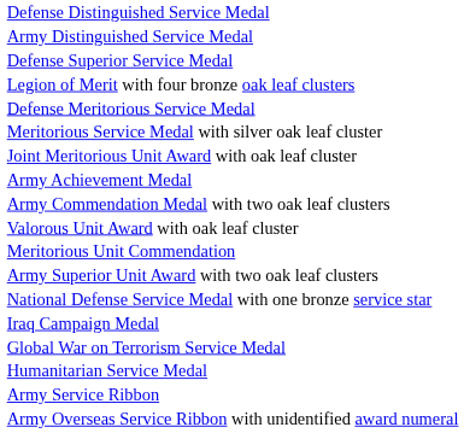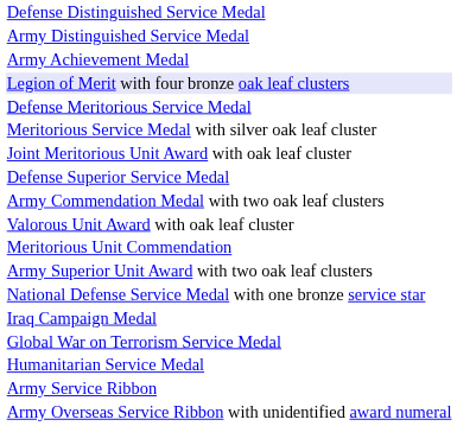 <table>
 <tr>
 <td> <a href='#'>Defense Distinguished Service Medal</a></td>
 </tr>
 <tr>
 <td> <a href='#'>Army Distinguished Service Medal</a></td>
 </tr>
 <tr>
-<td> <a href='#'>Defense Superior Service Medal</a></td>
+<td> <a href='#'>Army Achievement Medal</a></td>
 </tr>
 <tr>
-<td><span></span><span></span><span></span><span></span> <a href='#'>Legion of Merit</a> with four bronze <a href='#'>oak leaf clusters</a></td>
+<td style="background: lavender;"><span></span><span></span><span></span><span></span> <a href='#'>Legion of Merit</a> with four bronze <a href='#'>oak leaf clusters</a></td>
 </tr>
 <tr>
 <td> <a href='#'>Defense Meritorious Service Medal</a></td>
 </tr>
 <tr>
 <td> <a href='#'>Meritorious Service Medal</a> with silver oak leaf cluster</td>
 </tr>
 <tr>
 <td> <a href='#'>Joint Meritorious Unit Award</a> with oak leaf cluster</td>
 </tr>
 <tr>
-<td> <a href='#'>Army Achievement Medal</a></td>
+<td> <a href='#'>Defense Superior Service Medal</a></td>
 </tr>
 <tr>
 <td><span></span><span></span> <a href='#'>Army Commendation Medal</a> with two oak leaf clusters</td>
 </tr>
 <tr>
 <td> <a href='#'>Valorous Unit Award</a> with oak leaf cluster</td>
 </tr>
 <tr>
 <td> <a href='#'>Meritorious Unit Commendation</a></td>
 </tr>
 <tr>
 <td><span></span><span></span> <a href='#'>Army Superior Unit Award</a> with two oak leaf clusters</td>
 </tr>
 <tr>
 <td> <a href='#'>National Defense Service Medal</a> with one bronze <a href='#'>service star</a></td>
 </tr>
 <tr>
 <td> <a href='#'>Iraq Campaign Medal</a></td>
 </tr>
 <tr>
 <td> <a href='#'>Global War on Terrorism Service Medal</a></td>
 </tr>
 <tr>
 <td> <a href='#'>Humanitarian Service Medal</a></td>
 </tr>
 <tr>
 <td> <a href='#'>Army Service Ribbon</a></td>
 </tr>
 <tr>
 <td> <a href='#'>Army Overseas Service Ribbon</a> with unidentified <a href='#'>award numeral</a></td>
 </tr>
 </table>
